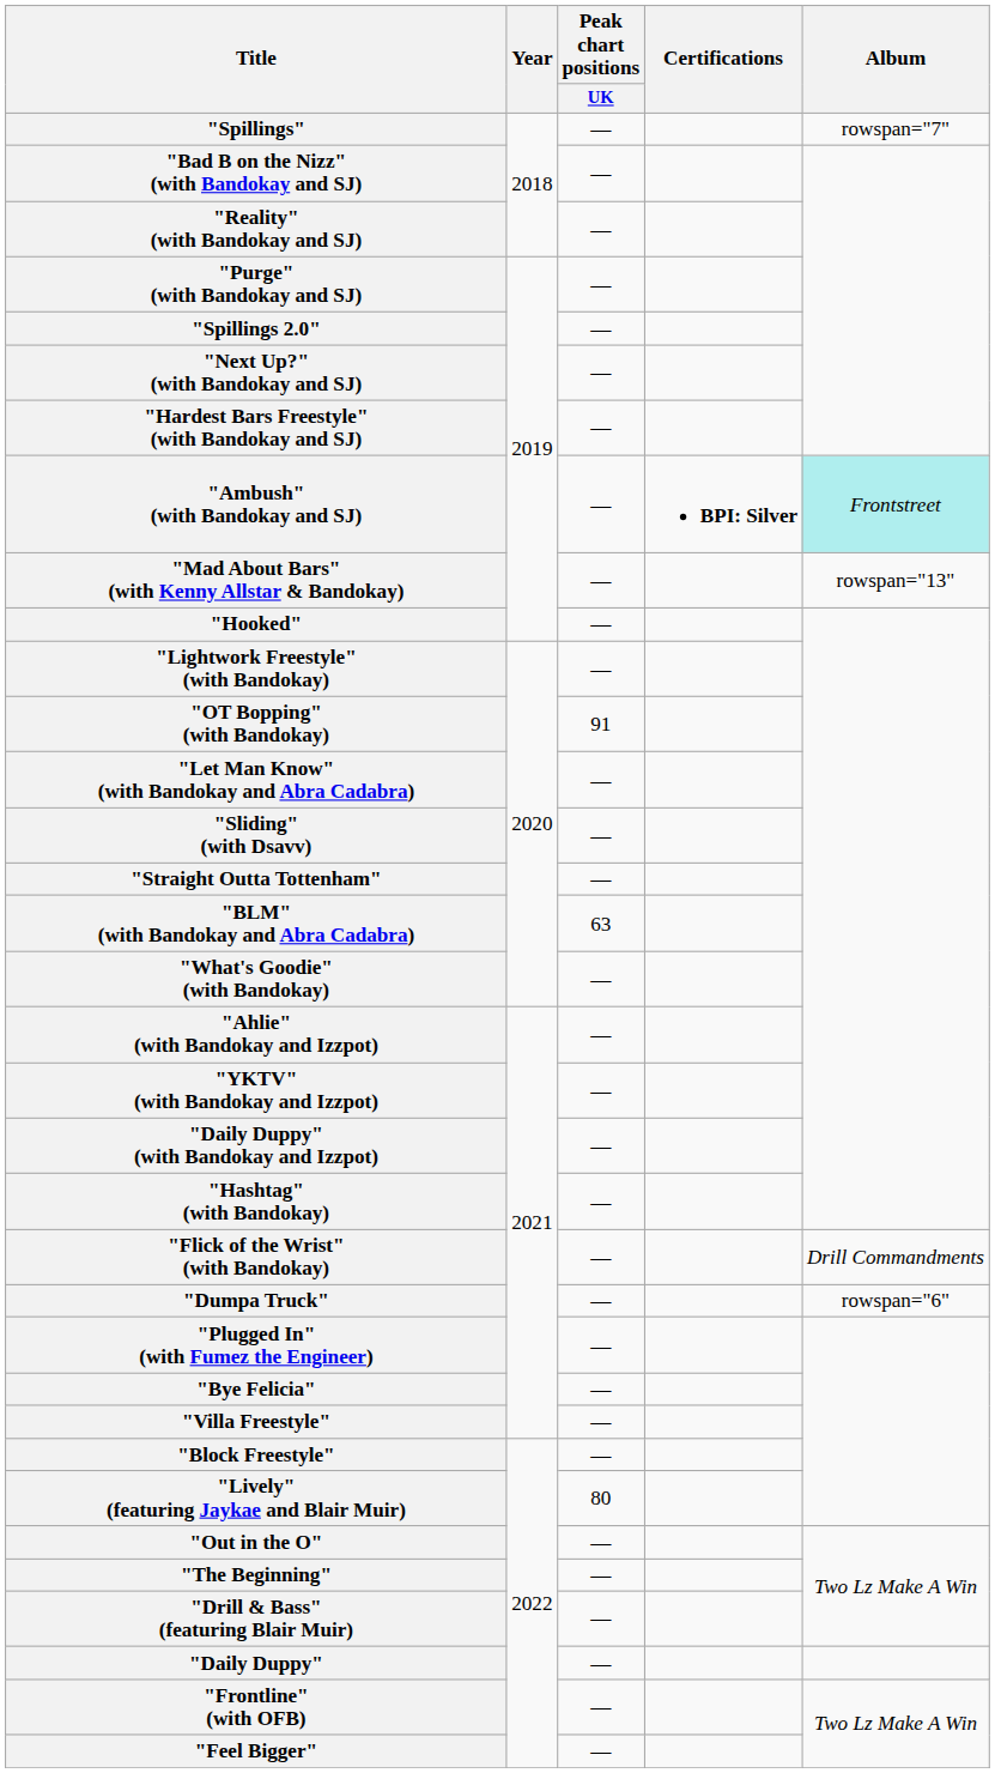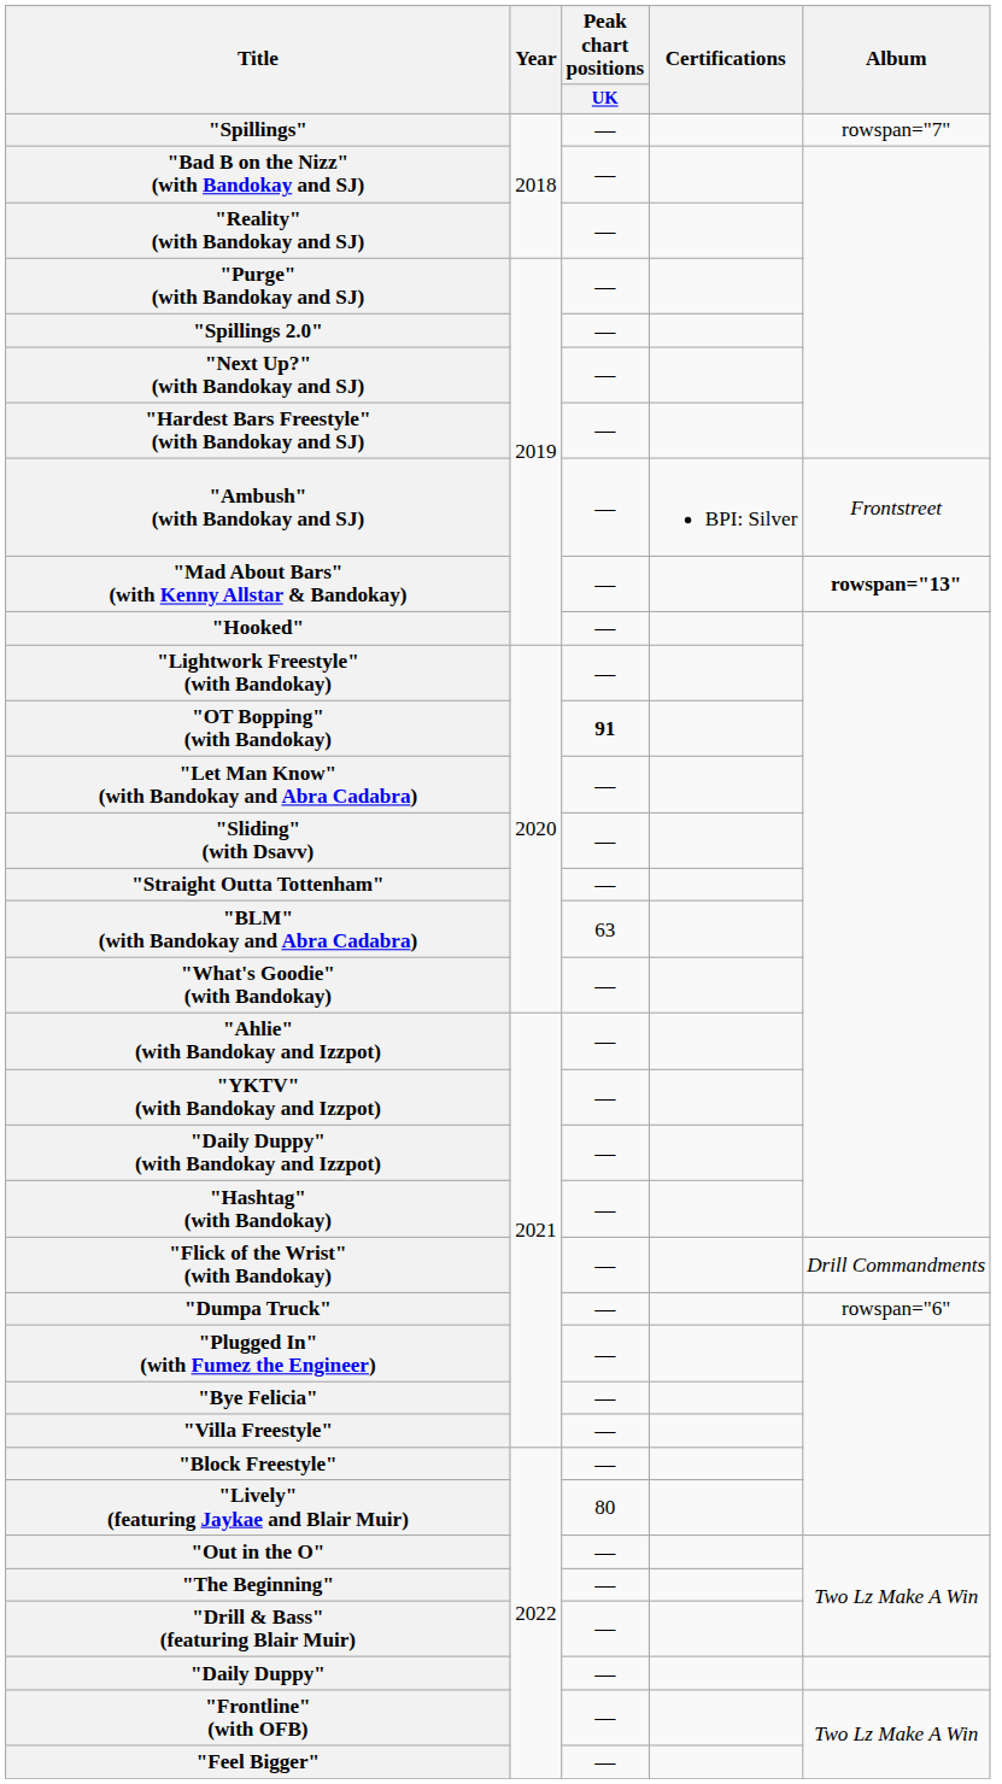 <table class="wikitable plainrowheaders" style="text-align:center;">
 <tr>
 <th scope="col" rowspan="2" style="width:24em;">Title</th>
 <th scope="col" rowspan="2" style="width:1em;">Year</th>
 <th scope="col" colspan="1">Peak chart positions</th>
 <th scope="col" rowspan="2">Certifications</th>
 <th scope="col" rowspan="2">Album</th>
 </tr>
 <tr>
 <th scope="col" style="width:3em;font-size:85%;"><a href='#'>UK</a><br></th>
 </tr>
 <tr>
 <th scope="row">"Spillings"</th>
 <td rowspan="3">2018</td>
 <td>—</td>
 <td></td>
 <td>rowspan="7" </td>
 </tr>
 <tr>
 <th scope="row">"Bad B on the Nizz"<br><span>(with <a href='#'>Bandokay</a> and SJ)</span></th>
 <td>—</td>
 <td></td>
 </tr>
 <tr>
 <th scope="row">"Reality"<br><span>(with Bandokay and SJ)</span></th>
 <td>—</td>
 <td></td>
 </tr>
 <tr>
 <th scope="row">"Purge"<br><span>(with Bandokay and SJ)</span></th>
 <td rowspan="7">2019</td>
 <td>—</td>
 <td></td>
 </tr>
 <tr>
 <th scope="row">"Spillings 2.0"</th>
 <td>—</td>
 <td></td>
 </tr>
 <tr>
 <th scope="row">"Next Up?"<br><span>(with Bandokay and SJ)</span></th>
 <td>—</td>
 <td></td>
 </tr>
 <tr>
 <th scope="row">"Hardest Bars Freestyle"<br><span>(with Bandokay and SJ)</span></th>
 <td>—</td>
 <td></td>
 </tr>
 <tr>
 <th scope="row">"Ambush"<br><span>(with Bandokay and SJ)</span></th>
 <td>—</td>
-<td><strong><br><ul><li>BPI: Silver</li></ul></strong></td>
-<td style="background: paleturquoise;"><em>Frontstreet</em></td>
+<td><br><ul><li>BPI: Silver</li></ul></td>
+<td><em>Frontstreet</em></td>
 </tr>
 <tr>
 <th scope="row">"Mad About Bars"<br><span>(with <a href='#'>Kenny Allstar</a> & Bandokay)</span></th>
 <td>—</td>
 <td></td>
-<td>rowspan="13" </td>
+<td><strong>rowspan="13" </strong></td>
 </tr>
 <tr>
 <th scope="row">"Hooked"</th>
 <td>—</td>
 <td></td>
 </tr>
 <tr>
 <th scope="row">"Lightwork Freestyle"<br><span>(with Bandokay)</span></th>
 <td rowspan="7">2020</td>
 <td>—</td>
 <td></td>
 </tr>
 <tr>
 <th scope="row">"OT Bopping"<br><span>(with Bandokay)</span></th>
-<td>91</td>
+<td><strong>91</strong></td>
 <td></td>
 </tr>
 <tr>
 <th scope="row">"Let Man Know"<br><span>(with Bandokay and <a href='#'>Abra Cadabra</a>)</span></th>
 <td>—</td>
 <td></td>
 </tr>
 <tr>
 <th scope="row">"Sliding"<br><span>(with Dsavv)</span></th>
 <td>—</td>
 <td></td>
 </tr>
 <tr>
 <th scope="row">"Straight Outta Tottenham"</th>
 <td>—</td>
 <td></td>
 </tr>
 <tr>
 <th scope="row">"BLM"<br><span>(with Bandokay and <a href='#'>Abra Cadabra</a>)</span></th>
 <td>63</td>
 <td></td>
 </tr>
 <tr>
 <th scope="row">"What's Goodie"<br><span>(with Bandokay)</span></th>
 <td>—</td>
 <td></td>
 </tr>
 <tr>
 <th scope="row">"Ahlie"<br><span>(with Bandokay and Izzpot)</span></th>
 <td rowspan="9">2021</td>
 <td>—</td>
 <td></td>
 </tr>
 <tr>
 <th scope="row">"YKTV"<br><span>(with Bandokay and Izzpot)</span></th>
 <td>—</td>
 <td></td>
 </tr>
 <tr>
 <th scope="row">"Daily Duppy"<br><span>(with Bandokay and Izzpot)</span></th>
 <td>—</td>
 <td></td>
 </tr>
 <tr>
 <th scope="row">"Hashtag"<br><span>(with Bandokay)</span></th>
 <td>—</td>
 <td></td>
 </tr>
 <tr>
 <th scope="row">"Flick of the Wrist"<br><span>(with Bandokay)</span></th>
 <td>—</td>
 <td></td>
 <td><em>Drill Commandments</em></td>
 </tr>
 <tr>
 <th scope="row">"Dumpa Truck"</th>
 <td>—</td>
 <td></td>
 <td>rowspan="6" </td>
 </tr>
 <tr>
 <th scope="row">"Plugged In"<br><span>(with <a href='#'>Fumez the Engineer</a>)</span></th>
 <td>—</td>
 <td></td>
 </tr>
 <tr>
 <th scope="row">"Bye Felicia"</th>
 <td>—</td>
 <td></td>
 </tr>
 <tr>
 <th scope="row">"Villa Freestyle"</th>
 <td>—</td>
 <td></td>
 </tr>
 <tr>
 <th scope="row">"Block Freestyle"</th>
 <td rowspan="8">2022</td>
 <td>—</td>
 <td></td>
 </tr>
 <tr>
 <th scope="row">"Lively"<br><span>(featuring <a href='#'>Jaykae</a> and Blair Muir)</span></th>
 <td>80</td>
 <td></td>
 </tr>
 <tr>
 <th scope="row">"Out in the O"</th>
 <td>—</td>
 <td></td>
 <td rowspan="3"><em>Two Lz Make A Win</em></td>
 </tr>
 <tr>
 <th scope="row">"The Beginning"</th>
 <td>—</td>
 <td></td>
 </tr>
 <tr>
 <th scope="row">"Drill & Bass"<br><span>(featuring Blair Muir)</span></th>
 <td>—</td>
 <td></td>
 </tr>
 <tr>
 <th scope="row">"Daily Duppy"</th>
 <td>—</td>
 <td></td>
 <td></td>
 </tr>
 <tr>
 <th scope="row">"Frontline"<br><span>(with OFB)</span></th>
 <td>—</td>
 <td></td>
 <td rowspan="2"><em>Two Lz Make A Win</em></td>
 </tr>
 <tr>
 <th scope="row">"Feel Bigger"</th>
 <td>—</td>
 <td></td>
 </tr>
 </table>
